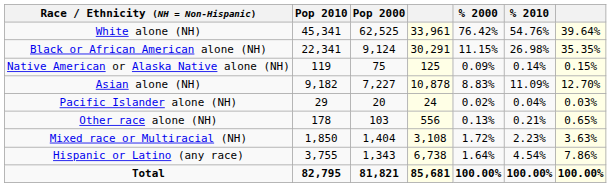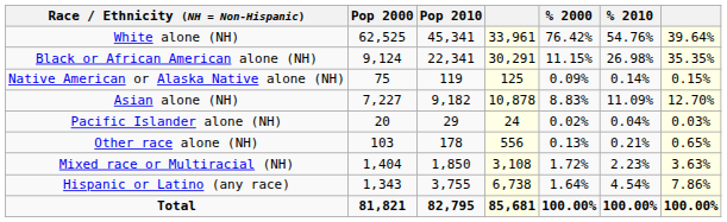 <table class="wikitable" style="text-align:center;">
 <tr>
 <th>Race / Ethnicity <small>(<em>NH = Non-Hispanic</em>)</small></th>
+<th>Pop 2000</th>
 <th>Pop 2010</th>
-<th>Pop 2000</th>
 <th></th>
 <th>% 2000</th>
 <th>% 2010</th>
 <th></th>
 </tr>
 <tr>
 <td><a href='#'>White</a> alone (NH)</td>
+<td>62,525</td>
 <td>45,341</td>
-<td>62,525</td>
 <td style='background: #ffffe6;'>33,961</td>
 <td>76.42%</td>
 <td>54.76%</td>
 <td style='background: #ffffe6;'>39.64%</td>
 </tr>
 <tr>
 <td><a href='#'>Black or African American</a> alone (NH)</td>
+<td>9,124</td>
 <td>22,341</td>
-<td>9,124</td>
 <td style='background: #ffffe6;'>30,291</td>
 <td>11.15%</td>
 <td>26.98%</td>
 <td style='background: #ffffe6;'>35.35%</td>
 </tr>
 <tr>
 <td><a href='#'>Native American</a> or <a href='#'>Alaska Native</a> alone (NH)</td>
+<td>75</td>
 <td>119</td>
-<td>75</td>
 <td style='background: #ffffe6;'>125</td>
 <td>0.09%</td>
 <td>0.14%</td>
 <td style='background: #ffffe6;'>0.15%</td>
 </tr>
 <tr>
 <td><a href='#'>Asian</a> alone (NH)</td>
+<td>7,227</td>
 <td>9,182</td>
-<td>7,227</td>
 <td style='background: #ffffe6;'>10,878</td>
 <td>8.83%</td>
 <td>11.09%</td>
 <td style='background: #ffffe6;'>12.70%</td>
 </tr>
 <tr>
 <td><a href='#'>Pacific Islander</a> alone (NH)</td>
+<td>20</td>
 <td>29</td>
-<td>20</td>
 <td style='background: #ffffe6;'>24</td>
 <td>0.02%</td>
 <td>0.04%</td>
 <td style='background: #ffffe6;'>0.03%</td>
 </tr>
 <tr>
 <td><a href='#'>Other race</a> alone (NH)</td>
+<td>103</td>
 <td>178</td>
-<td>103</td>
 <td style='background: #ffffe6;'>556</td>
 <td>0.13%</td>
 <td>0.21%</td>
 <td style='background: #ffffe6;'>0.65%</td>
 </tr>
 <tr>
 <td><a href='#'>Mixed race or Multiracial</a> (NH)</td>
+<td>1,404</td>
 <td>1,850</td>
-<td>1,404</td>
 <td style='background: #ffffe6;'>3,108</td>
 <td>1.72%</td>
 <td>2.23%</td>
 <td style='background: #ffffe6;'>3.63%</td>
 </tr>
 <tr>
 <td><a href='#'>Hispanic or Latino</a> (any race)</td>
+<td>1,343</td>
 <td>3,755</td>
-<td>1,343</td>
 <td style='background: #ffffe6;'>6,738</td>
 <td>1.64%</td>
 <td>4.54%</td>
 <td style='background: #ffffe6;'>7.86%</td>
 </tr>
 <tr>
 <td><strong>Total</strong></td>
+<td><strong>81,821</strong></td>
 <td><strong>82,795</strong></td>
-<td><strong>81,821</strong></td>
 <td style='background: #ffffe6;'><strong>85,681</strong></td>
 <td><strong>100.00%</strong></td>
 <td><strong>100.00%</strong></td>
 <td style='background: #ffffe6;'><strong>100.00%</strong></td>
 </tr>
 </table>
